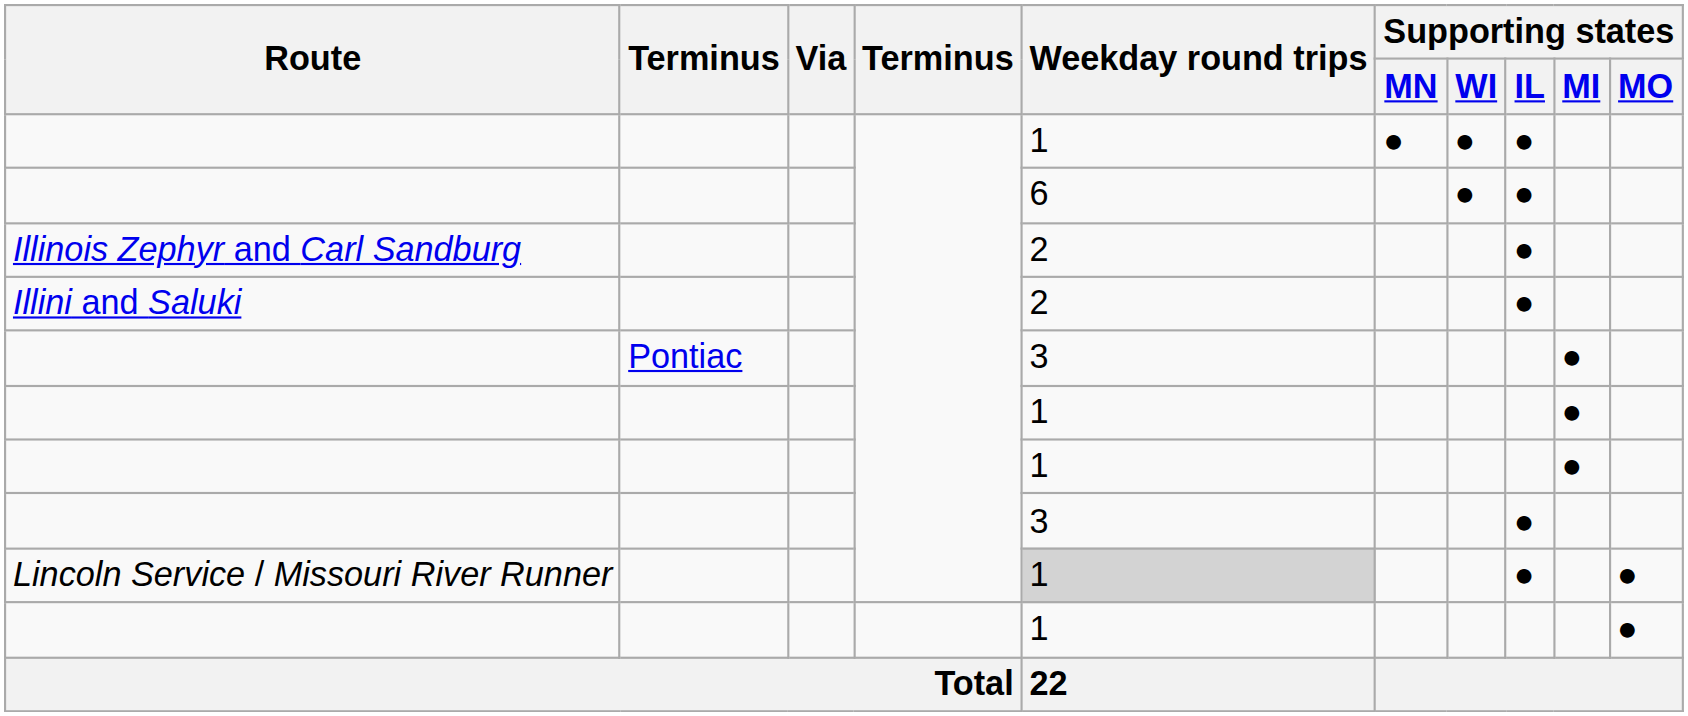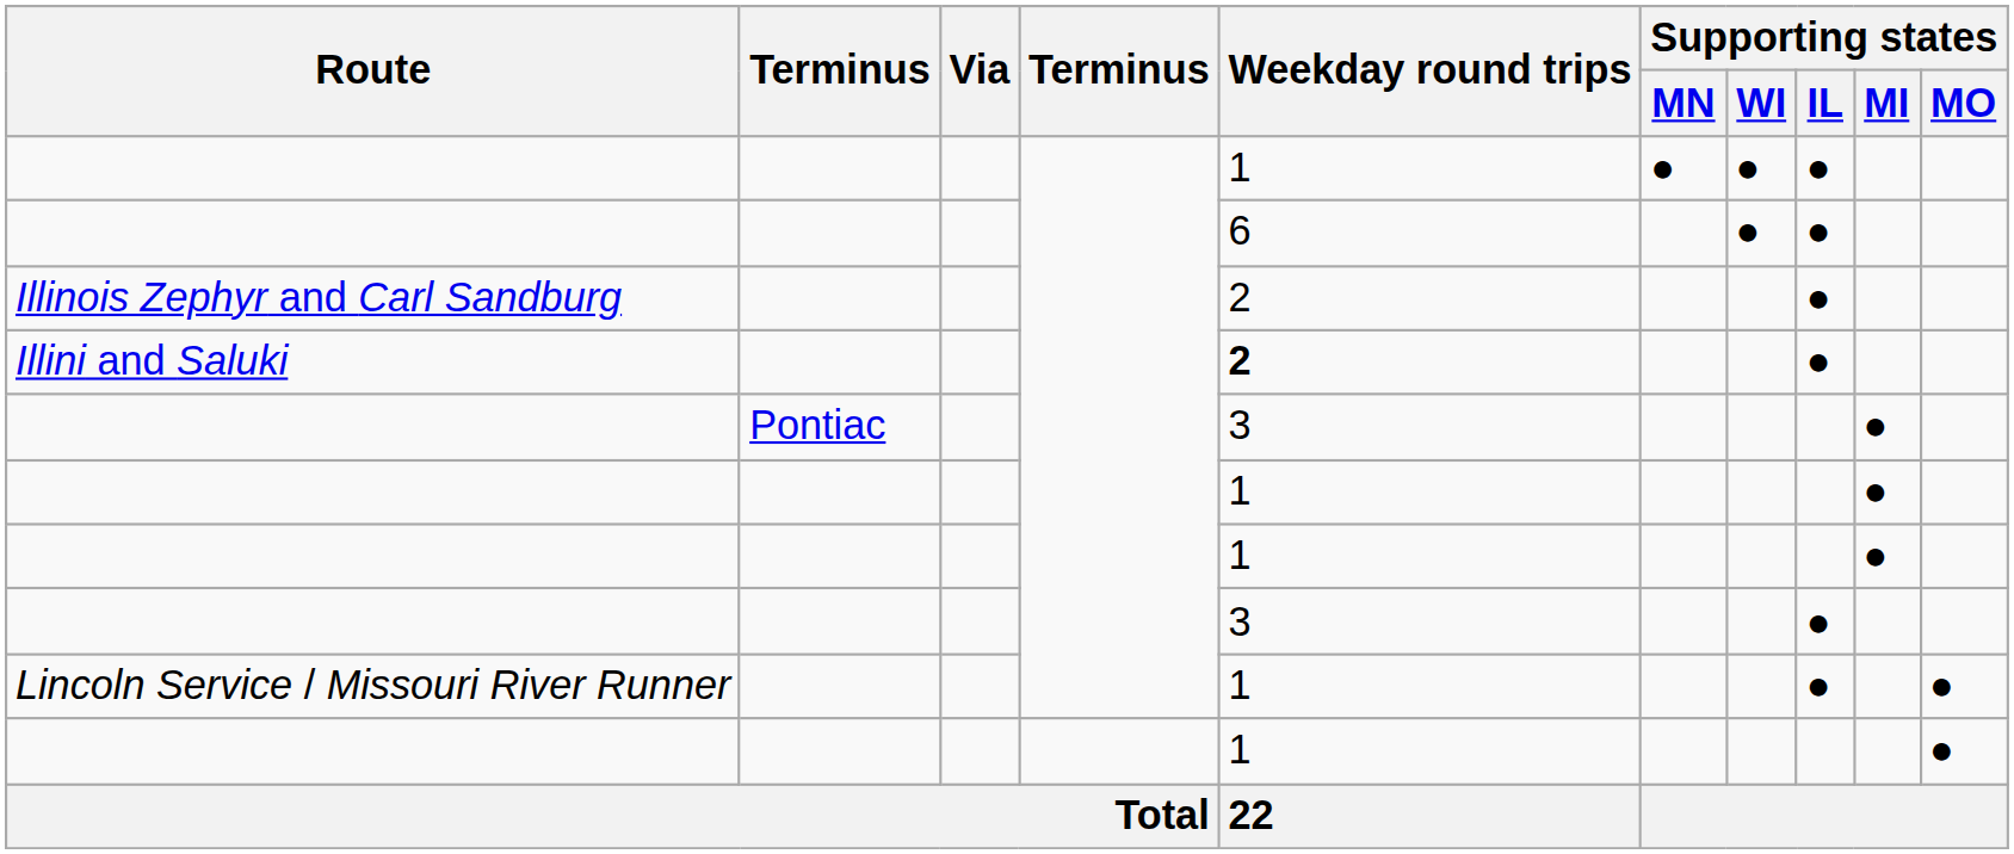 <table class="wikitable sortable">
 <tr>
 <th rowspan=2>Route</th>
 <th rowspan=2>Terminus</th>
 <th rowspan=2>Via</th>
 <th rowspan=2>Terminus</th>
 <th rowspan=2>Weekday round trips</th>
 <th colspan=5>Supporting states</th>
 </tr>
 <tr>
 <th class=unsortable><a href='#'>MN</a></th>
 <th class=unsortable><a href='#'>WI</a></th>
 <th class=unsortable><a href='#'>IL</a></th>
 <th class=unsortable><a href='#'>MI</a></th>
 <th class=unsortable><a href='#'>MO</a></th>
 </tr>
 <tr>
 <td></td>
 <td></td>
 <td></td>
 <td rowspan=9></td>
 <td>1</td>
 <td>●</td>
 <td>●</td>
 <td>●</td>
 <td></td>
 <td></td>
 </tr>
 <tr>
 <td></td>
 <td></td>
 <td></td>
 <td>6</td>
 <td></td>
 <td>●</td>
 <td>●</td>
 <td></td>
 <td></td>
 </tr>
 <tr>
 <td><a href='#'><em>Illinois Zephyr</em> and <em>Carl Sandburg</em></a></td>
 <td></td>
 <td></td>
 <td>2</td>
 <td></td>
 <td></td>
 <td>●</td>
 <td></td>
 <td></td>
 </tr>
 <tr>
 <td><a href='#'><em>Illini</em> and <em>Saluki</em></a></td>
 <td></td>
 <td></td>
-<td>2</td>
+<td><strong>2</strong></td>
 <td></td>
 <td></td>
 <td>●</td>
 <td></td>
 <td></td>
 </tr>
 <tr>
 <td></td>
 <td><a href='#'>Pontiac</a></td>
 <td></td>
 <td>3</td>
 <td></td>
 <td></td>
 <td></td>
 <td>●</td>
 <td></td>
 </tr>
 <tr>
 <td></td>
 <td></td>
 <td></td>
 <td>1</td>
 <td></td>
 <td></td>
 <td></td>
 <td>●</td>
 <td></td>
 </tr>
 <tr>
 <td></td>
 <td></td>
 <td></td>
 <td>1</td>
 <td></td>
 <td></td>
 <td></td>
 <td>●</td>
 <td></td>
 </tr>
 <tr>
 <td></td>
 <td></td>
 <td></td>
 <td>3</td>
 <td></td>
 <td></td>
 <td>●</td>
 <td></td>
 <td></td>
 </tr>
 <tr>
 <td><em>Lincoln Service</em> / <em>Missouri River Runner</em></td>
 <td></td>
 <td></td>
-<td style="background: lightgrey;">1</td>
+<td>1</td>
 <td></td>
 <td></td>
 <td>●</td>
 <td></td>
 <td>●</td>
 </tr>
 <tr>
 <td></td>
 <td></td>
 <td></td>
 <td></td>
 <td>1</td>
 <td></td>
 <td></td>
 <td></td>
 <td></td>
 <td>●</td>
 </tr>
 <tr>
 <th colspan="4" style="text-align:right;">Total</th>
 <th style="text-align:left;">22</th>
 <th colspan="5"></th>
 </tr>
 </table>
